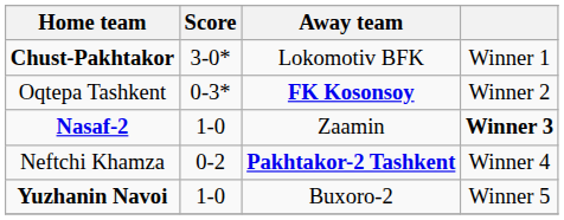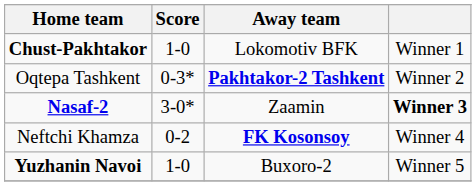 <table class="wikitable" style="text-align: center">
 <tr>
 </tr>
 <tr>
 <th>Home team</th>
 <th>Score</th>
 <th>Away team</th>
 <th></th>
 </tr>
 <tr>
 <td><strong>Chust-Pakhtakor</strong></td>
-<td>3-0*</td>
+<td>1-0</td>
 <td>Lokomotiv BFK</td>
 <td>Winner 1</td>
 </tr>
 <tr>
 <td>Oqtepa Tashkent</td>
 <td>0-3*</td>
-<td><strong><a href='#'>FK Kosonsoy</a></strong></td>
+<td><strong><a href='#'>Pakhtakor-2 Tashkent</a></strong></td>
 <td>Winner 2</td>
 </tr>
 <tr>
 <td><strong><a href='#'>Nasaf-2</a></strong></td>
-<td>1-0</td>
+<td>3-0*</td>
 <td>Zaamin</td>
 <td><strong>Winner 3</strong></td>
 </tr>
 <tr>
 <td>Neftchi Khamza</td>
 <td>0-2</td>
-<td><strong><a href='#'>Pakhtakor-2 Tashkent</a></strong></td>
+<td><strong><a href='#'>FK Kosonsoy</a></strong></td>
 <td>Winner 4</td>
 </tr>
 <tr>
 <td><strong>Yuzhanin Navoi</strong></td>
 <td>1-0</td>
 <td>Buxoro-2</td>
 <td>Winner 5</td>
 </tr>
 <tr>
 </tr>
 </table>
